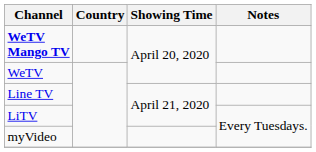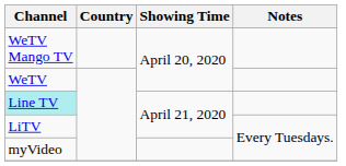 <table class="wikitable">
 <tr>
 <th>Channel</th>
 <th>Country</th>
 <th>Showing Time</th>
 <th>Notes</th>
 </tr>
 <tr>
-<td><strong><a href='#'>WeTV</a><br><a href='#'>Mango TV</a></strong></td>
+<td><a href='#'>WeTV</a><br><a href='#'>Mango TV</a></td>
 <td></td>
 <td rowspan="2">April 20, 2020</td>
 <td></td>
 </tr>
 <tr>
 <td><a href='#'>WeTV</a></td>
 <td rowspan="4"></td>
 <td></td>
 </tr>
 <tr>
-<td><a href='#'>Line TV</a></td>
+<td style="background: paleturquoise;"><a href='#'>Line TV</a></td>
 <td rowspan="2">April 21, 2020</td>
 <td></td>
 </tr>
 <tr>
 <td><a href='#'>LiTV</a></td>
 <td rowspan="2">Every Tuesdays.</td>
 </tr>
 <tr>
 <td>myVideo</td>
 <td></td>
 </tr>
 <tr>
 </tr>
 </table>
